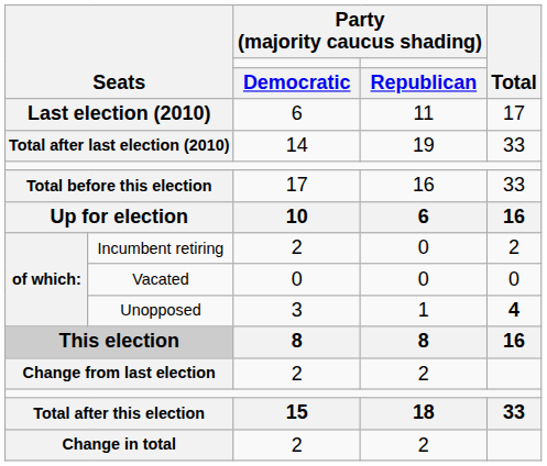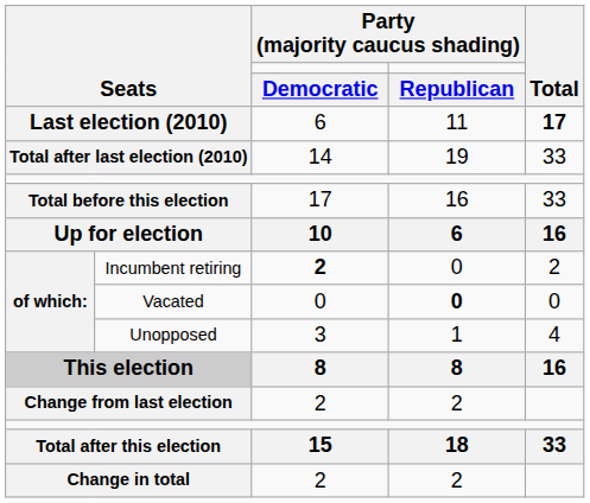 <table class=wikitable style="text-align:center">
 <tr style="vertical-align:bottom;">
 <th rowspan=3 colspan=2>Seats</th>
 <th colspan=2>Party <div>(majority caucus shading)</div></th>
 <th rowspan=3>Total</th>
 </tr>
 <tr style="height:5px">
 <td style="background-color:"></td>
 <td style="background-color:"></td>
 </tr>
 <tr>
 <th><a href='#'>Democratic</a></th>
 <th><a href='#'>Republican</a></th>
 </tr>
 <tr>
 <th nowrap colspan=2>Last election (2010)</th>
 <td>6</td>
 <td>11</td>
-<td>17</td>
+<td><strong>17</strong></td>
 </tr>
 <tr>
 <th nowrap style="font-size:80%" colspan=2>Total after last election (2010)</th>
 <td>14</td>
 <td>19</td>
 <td>33</td>
 </tr>
 <tr>
 <td colspan=5></td>
 </tr>
 <tr>
 <th nowrap style="font-size:80%" colspan=2>Total before this election</th>
 <td>17</td>
 <td>16</td>
 <td>33</td>
 </tr>
 <tr>
 <th colspan=2>Up for election</th>
 <th>10</th>
 <th>6</th>
 <th>16</th>
 </tr>
 <tr>
 <th style="font-size:80%" rowspan=3>of which:</th>
 <td nowrap style="font-size:80%">Incumbent retiring</td>
-<td>2</td>
+<td><strong>2</strong></td>
 <td>0</td>
 <td>2</td>
 </tr>
 <tr>
 <td nowrap style="font-size:80%">Vacated</td>
 <td>0</td>
-<td>0</td>
+<td><strong>0</strong></td>
 <td>0</td>
 </tr>
 <tr>
 <td nowrap style="font-size:80%">Unopposed</td>
 <td>3</td>
 <td>1</td>
-<td><strong>4</strong></td>
+<td>4</td>
 </tr>
 <tr>
 <th nowrap style="background:#ccc" colspan=2>This election</th>
 <th>8</th>
 <th>8</th>
 <th>16</th>
 </tr>
 <tr>
 <th nowrap style="font-size:80%"  colspan=2>Change from last election</th>
 <td> 2</td>
 <td> 2</td>
 <td></td>
 </tr>
 <tr>
 <td colspan=5></td>
 </tr>
 <tr>
 <th nowrap style="font-size:80%" colspan=2>Total after this election</th>
 <th>15</th>
 <th>18</th>
 <th>33</th>
 </tr>
 <tr>
 <th nowrap style="font-size:80%"  colspan=2>Change in total</th>
 <td> 2</td>
 <td> 2</td>
 <td></td>
 </tr>
 </table>
